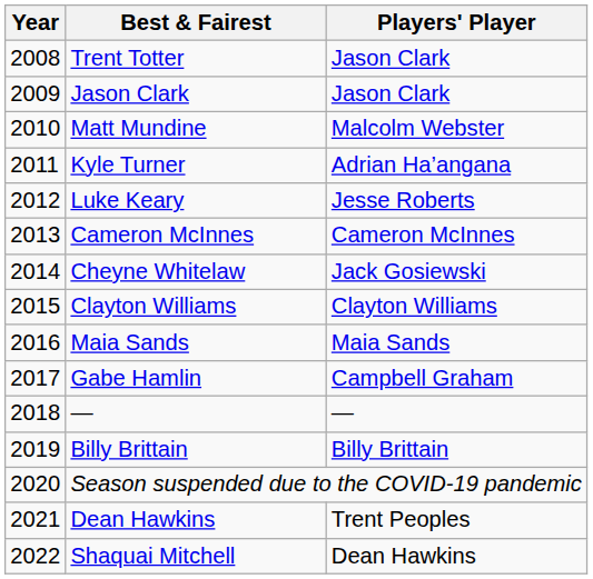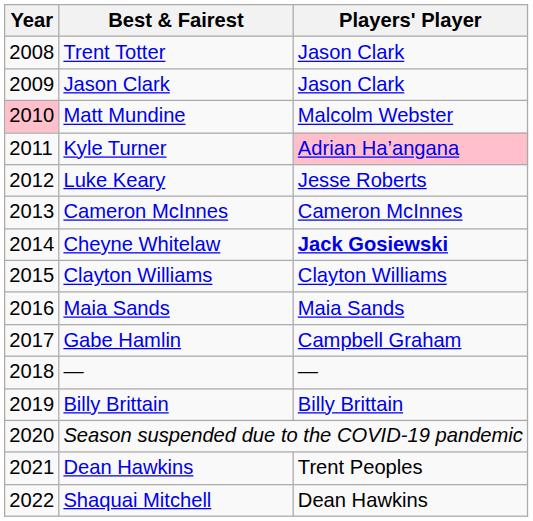 <table class="wikitable">
 <tr>
 <th>Year</th>
 <th>Best & Fairest</th>
 <th>Players' Player</th>
 </tr>
 <tr>
 <td>2008</td>
 <td><a href='#'>Trent Totter</a></td>
 <td><a href='#'>Jason Clark</a></td>
 </tr>
 <tr>
 <td>2009</td>
 <td><a href='#'>Jason Clark</a></td>
 <td><a href='#'>Jason Clark</a></td>
 </tr>
 <tr>
-<td>2010</td>
+<td style="background: pink;">2010</td>
 <td><a href='#'>Matt Mundine</a></td>
 <td><a href='#'>Malcolm Webster</a></td>
 </tr>
 <tr>
 <td>2011</td>
 <td><a href='#'>Kyle Turner</a></td>
-<td><a href='#'>Adrian Ha’angana</a></td>
+<td style="background: pink;"><a href='#'>Adrian Ha’angana</a></td>
 </tr>
 <tr>
 <td>2012</td>
 <td><a href='#'>Luke Keary</a></td>
 <td><a href='#'>Jesse Roberts</a></td>
 </tr>
 <tr>
 <td>2013</td>
 <td><a href='#'>Cameron McInnes</a></td>
 <td><a href='#'>Cameron McInnes</a></td>
 </tr>
 <tr>
 <td>2014</td>
 <td><a href='#'>Cheyne Whitelaw</a></td>
-<td><a href='#'>Jack Gosiewski</a></td>
+<td><strong><a href='#'>Jack Gosiewski</a></strong></td>
 </tr>
 <tr>
 <td>2015</td>
 <td><a href='#'>Clayton Williams</a></td>
 <td><a href='#'>Clayton Williams</a></td>
 </tr>
 <tr>
 <td>2016</td>
 <td><a href='#'>Maia Sands</a></td>
 <td><a href='#'>Maia Sands</a></td>
 </tr>
 <tr>
 <td>2017</td>
 <td><a href='#'>Gabe Hamlin</a></td>
 <td><a href='#'>Campbell Graham</a></td>
 </tr>
 <tr>
 <td>2018</td>
 <td>—</td>
 <td>—</td>
 </tr>
 <tr>
 <td>2019</td>
 <td><a href='#'>Billy Brittain</a></td>
 <td><a href='#'>Billy Brittain</a></td>
 </tr>
 <tr>
 <td>2020</td>
 <td colspan="2"><em>Season suspended due to the COVID-19 pandemic</em></td>
 </tr>
 <tr>
 <td>2021</td>
 <td><a href='#'>Dean Hawkins</a></td>
 <td>Trent Peoples</td>
 </tr>
 <tr>
 <td>2022</td>
 <td><a href='#'>Shaquai Mitchell</a></td>
 <td>Dean Hawkins</td>
 </tr>
 </table>
